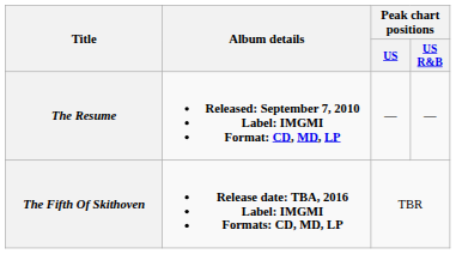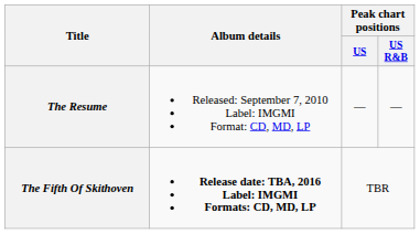 <table class="wikitable plainrowheaders" style="text-align:center;">
 <tr>
 <th scope="col" rowspan="2" style="width:12em;">Title</th>
 <th scope="col" rowspan="2" style="width:16em;">Album details</th>
 <th scope="col" colspan="2">Peak chart positions</th>
 </tr>
 <tr>
 <th scope="col" style="width:3em;font-size:90%;"><a href='#'>US</a></th>
 <th scope="col" style="width:3em;font-size:90%;"><a href='#'>US R&B</a></th>
 </tr>
 <tr>
 <th scope="row"><em>The Resume</em></th>
-<td><strong><br><ul><li>Released: September 7, 2010</li><li>Label: IMGMI</li><li>Format: <a href='#'>CD</a>, <a href='#'>MD</a>, <a href='#'>LP</a></li></ul></strong></td>
+<td><br><ul><li>Released: September 7, 2010</li><li>Label: IMGMI</li><li>Format: <a href='#'>CD</a>, <a href='#'>MD</a>, <a href='#'>LP</a></li></ul></td>
 <td>—</td>
 <td>—</td>
 </tr>
 <tr>
 <th scope="row"><em>The Fifth Of Skithoven</em></th>
 <td><strong><br><ul><li>Release date: TBA, 2016</li><li>Label: IMGMI</li><li>Formats: CD, MD, LP</li></ul></strong></td>
 <td style="text-align:center;" colspan="2">TBR</td>
 </tr>
 </table>
